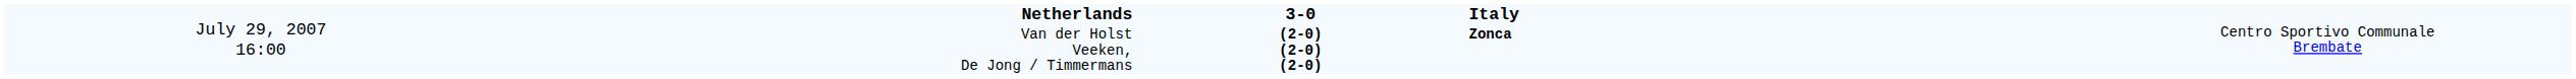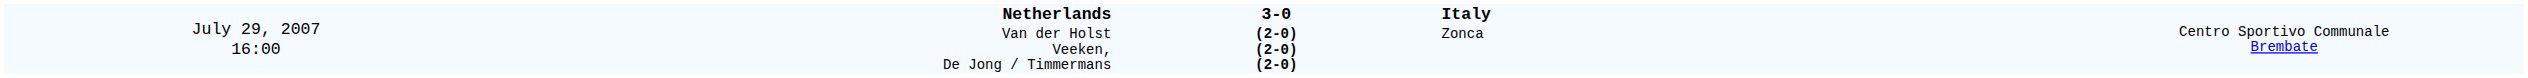 <table style="width: 100%; background:#F5FAFF;" cellspacing="0">
 <tr>
 <td align=center rowspan=3 width=20%>July 29, 2007<br>16:00</td>
 </tr>
 <tr>
 <td width=24% align=right><strong>Netherlands</strong></td>
 <td align=center width=13%><strong>3-0</strong></td>
 <td width=24%><strong>Italy</strong></td>
 <td style=font-size:85% rowspan=3 valign=middle align=center>Centro Sportivo Communale<br><a href='#'>Brembate</a></td>
 </tr>
 <tr style=font-size:85%>
 <td align=right valign=top>Van der Holst<br>Veeken,<br>De Jong / Timmermans</td>
 <td align=center><strong>(2-0)<br>(2-0)<br>(2-0)</strong></td>
-<td valign=top><strong>Zonca<br></strong></td>
+<td valign=top>Zonca<br></td>
 </tr>
 </table>
